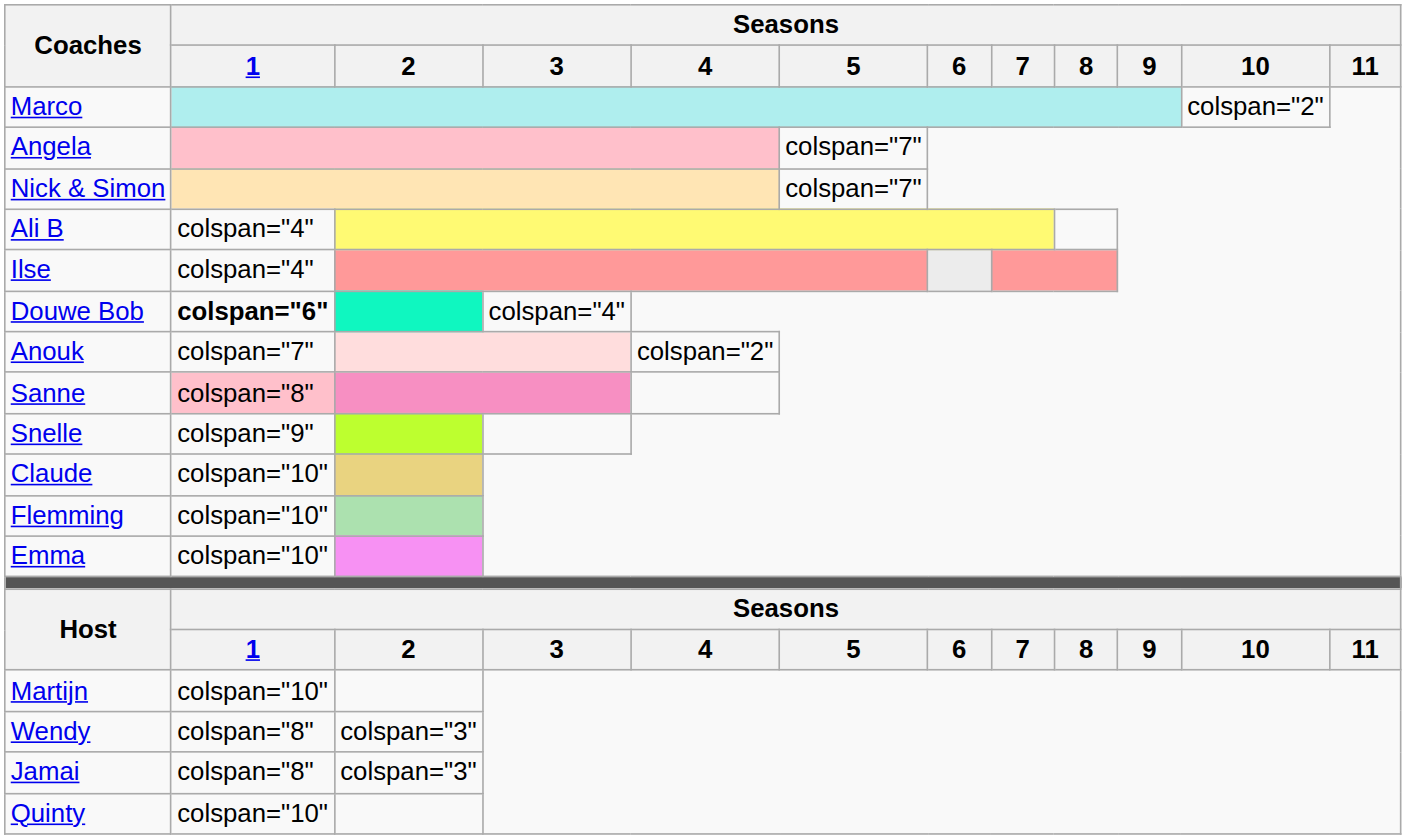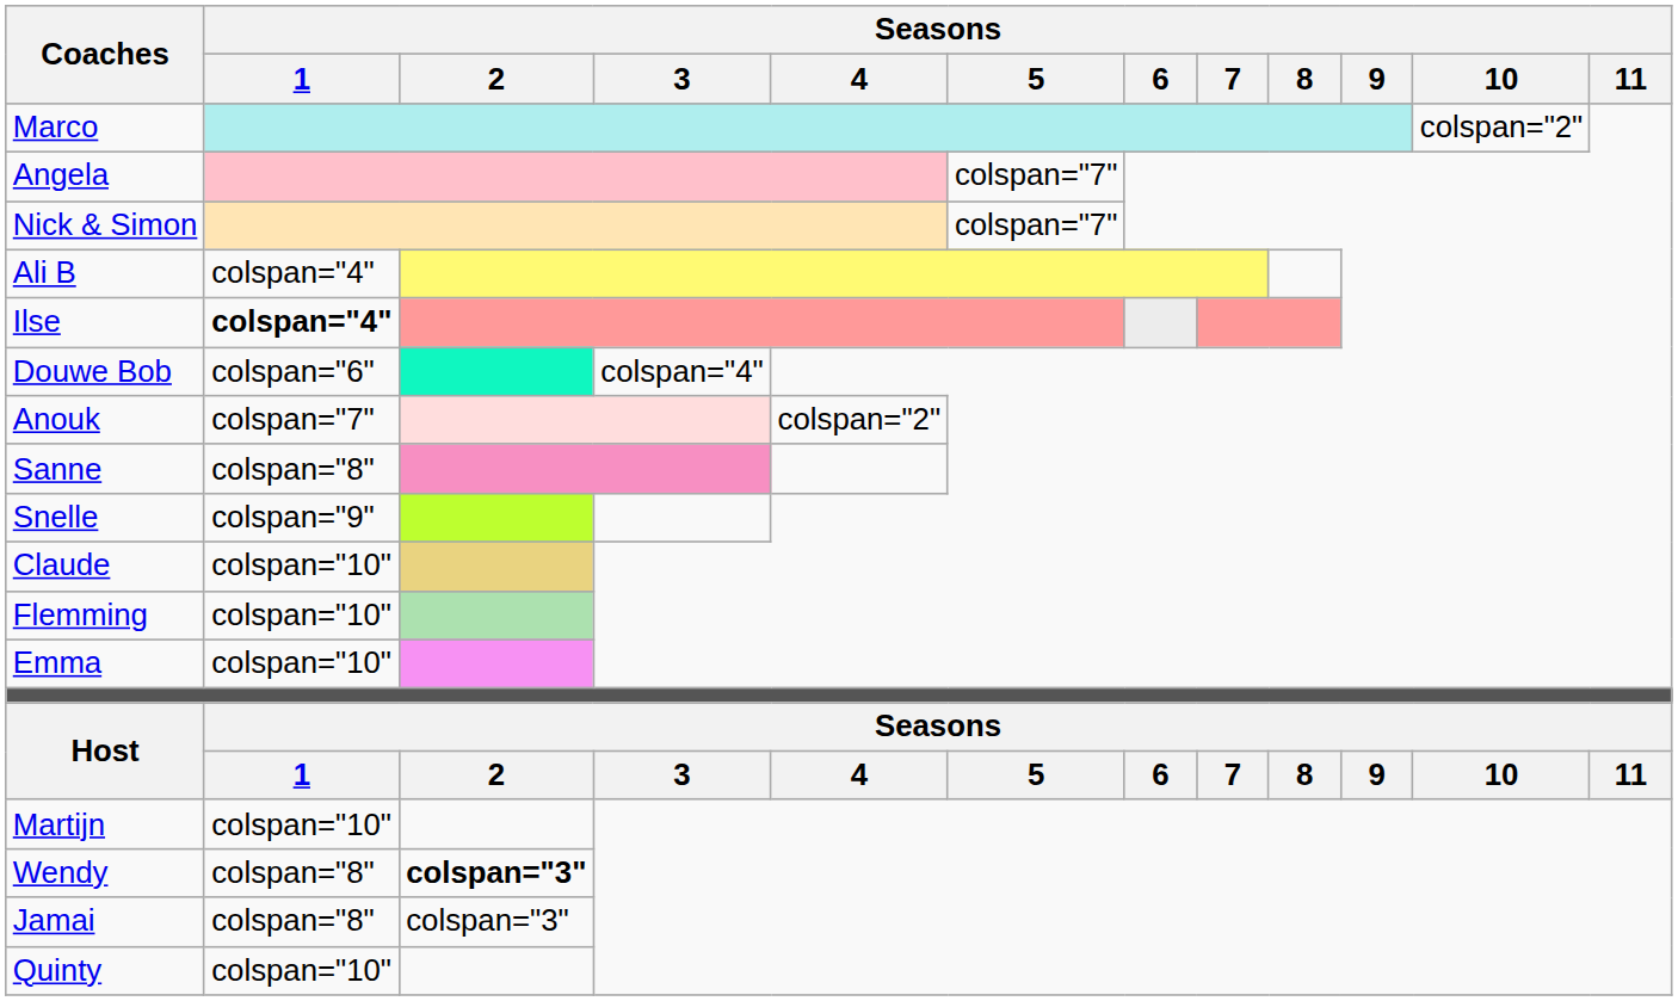 <table class="wikitable" width:"20%">
 <tr>
 <th rowspan="2" width="65">Coaches</th>
 <th colspan="11">Seasons</th>
 </tr>
 <tr>
 <th><a href='#'>1</a></th>
 <th>2</th>
 <th>3</th>
 <th>4</th>
 <th>5</th>
 <th>6</th>
 <th>7</th>
 <th>8</th>
 <th>9</th>
 <th>10</th>
 <th>11</th>
 </tr>
 <tr>
 <td><a href='#'>Marco</a></td>
 <td colspan="9" style="background:#afeeee"></td>
 <td>colspan="2" </td>
 </tr>
 <tr>
 <td><a href='#'>Angela</a></td>
 <td colspan="4" style="background:pink"></td>
 <td>colspan="7" </td>
 </tr>
 <tr>
 <td nowrap><a href='#'>Nick & Simon</a></td>
 <td colspan="4" style="background:#ffe5b4"></td>
 <td>colspan="7" </td>
 </tr>
 <tr>
 <td><a href='#'>Ali B</a></td>
 <td>colspan="4" </td>
 <td colspan="6" style="background:#fffa73"></td>
 <td></td>
 </tr>
 <tr>
 <td><a href='#'>Ilse</a></td>
-<td>colspan="4" </td>
+<td><strong>colspan="4" </strong></td>
 <td colspan="4" style="background:#ff9999"></td>
 <td style="background:#ECECEC"></td>
 <td colspan="2" style="background:#ff9999"></td>
 </tr>
 <tr>
 <td><a href='#'>Douwe Bob</a></td>
-<td><strong>colspan="6" </strong></td>
+<td>colspan="6" </td>
 <td style="background:#0ff7c0"></td>
 <td>colspan="4" </td>
 </tr>
 <tr>
 <td><a href='#'>Anouk</a></td>
 <td>colspan="7" </td>
 <td colspan="2" style="background:#ffdddd"></td>
 <td>colspan="2" </td>
 </tr>
 <tr>
 <td><a href='#'>Sanne</a></td>
-<td style="background: pink;">colspan="8" </td>
+<td>colspan="8" </td>
 <td colspan="2" style="background:#f78fc2"></td>
 <td></td>
 </tr>
 <tr>
 <td><a href='#'>Snelle</a></td>
 <td>colspan="9" </td>
 <td style="background:#bdff2f"></td>
 <td></td>
 </tr>
 <tr>
 <td><a href='#'>Claude</a></td>
 <td>colspan="10" </td>
 <td style="background:#E9D380"></td>
 </tr>
 <tr>
 <td><a href='#'>Flemming</a></td>
 <td>colspan="10" </td>
 <td style="background:#ace1af"></td>
 </tr>
 <tr>
 <td><a href='#'>Emma</a></td>
 <td>colspan="10" </td>
 <td style="background:#f791f3"></td>
 </tr>
 <tr>
 <td colspan="12" bgcolor="#555"></td>
 </tr>
 <tr>
 <th rowspan="2">Host</th>
 <th colspan="12">Seasons</th>
 </tr>
 <tr>
 <th width="65"><a href='#'>1</a></th>
 <th width="65">2</th>
 <th width="65">3</th>
 <th width="65">4</th>
 <th width="65">5</th>
 <th width="65">6</th>
 <th width="65">7</th>
 <th width="65">8</th>
 <th width="65">9</th>
 <th width="65">10</th>
 <th width="65">11</th>
 </tr>
 <tr>
 <td><a href='#'>Martijn</a></td>
 <td>colspan="10" </td>
 <td></td>
 </tr>
 <tr>
 <td><a href='#'>Wendy</a></td>
 <td>colspan="8" </td>
-<td>colspan="3" </td>
+<td><strong>colspan="3" </strong></td>
 </tr>
 <tr>
 <td><a href='#'>Jamai</a></td>
 <td>colspan="8" </td>
 <td>colspan="3" </td>
 </tr>
 <tr>
 <td><a href='#'>Quinty</a></td>
 <td>colspan="10" </td>
 <td></td>
 </tr>
 </table>
